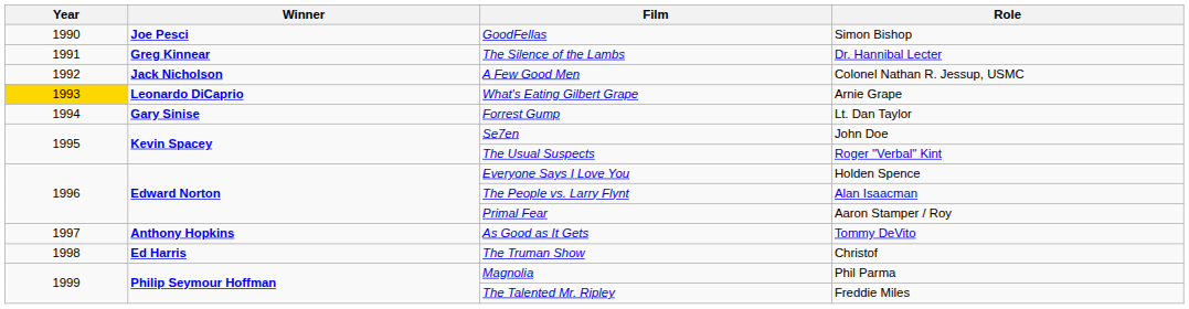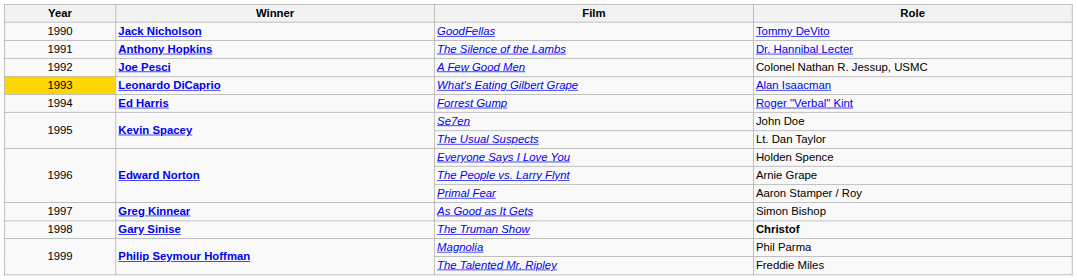 <table class="wikitable" width="95%" cellpadding="5">
 <tr>
 <th width="100"><strong>Year</strong></th>
 <th width="300"><strong>Winner</strong></th>
 <th width="300"><strong>Film</strong></th>
 <th width="300"><strong>Role</strong></th>
 </tr>
 <tr>
 <td style="text-align:center;">1990</td>
-<td><strong><a href='#'>Joe Pesci</a></strong></td>
+<td><strong><a href='#'>Jack Nicholson</a></strong></td>
 <td><em><a href='#'>GoodFellas</a></em></td>
-<td>Simon Bishop</td>
+<td><a href='#'>Tommy DeVito</a></td>
 </tr>
 <tr>
 <td style="text-align:center;">1991</td>
-<td><strong><a href='#'>Greg Kinnear</a></strong></td>
+<td><strong><a href='#'>Anthony Hopkins</a></strong></td>
 <td><em><a href='#'>The Silence of the Lambs</a></em></td>
 <td><a href='#'>Dr. Hannibal Lecter</a></td>
 </tr>
 <tr>
 <td style="text-align:center;">1992</td>
-<td><strong><a href='#'>Jack Nicholson</a></strong></td>
+<td><strong><a href='#'>Joe Pesci</a></strong></td>
 <td><em><a href='#'>A Few Good Men</a></em></td>
 <td>Colonel Nathan R. Jessup, USMC</td>
 </tr>
 <tr>
 <td style="background: gold; text-align:center;">1993</td>
 <td><strong><a href='#'>Leonardo DiCaprio</a></strong></td>
 <td><em><a href='#'>What's Eating Gilbert Grape</a></em></td>
-<td>Arnie Grape</td>
+<td><a href='#'>Alan Isaacman</a></td>
 </tr>
 <tr>
 <td style="text-align:center;">1994</td>
-<td><strong><a href='#'>Gary Sinise</a></strong></td>
+<td><strong><a href='#'>Ed Harris</a></strong></td>
 <td><em><a href='#'>Forrest Gump</a></em></td>
-<td>Lt. Dan Taylor</td>
+<td><a href='#'>Roger "Verbal" Kint</a></td>
 </tr>
 <tr>
 <td rowspan="2" style="text-align:center;">1995</td>
 <td rowspan="2"><strong><a href='#'>Kevin Spacey</a></strong></td>
 <td><em><a href='#'>Se7en</a></em></td>
 <td>John Doe</td>
 </tr>
 <tr>
 <td><em><a href='#'>The Usual Suspects</a></em></td>
-<td><a href='#'>Roger "Verbal" Kint</a></td>
+<td>Lt. Dan Taylor</td>
 </tr>
 <tr>
 <td rowspan="3" style="text-align:center;">1996</td>
 <td rowspan="3"><strong><a href='#'>Edward Norton</a></strong></td>
 <td><em><a href='#'>Everyone Says I Love You</a></em></td>
 <td>Holden Spence</td>
 </tr>
 <tr>
 <td><em><a href='#'>The People vs. Larry Flynt</a></em></td>
-<td><a href='#'>Alan Isaacman</a></td>
+<td>Arnie Grape</td>
 </tr>
 <tr>
 <td><em><a href='#'>Primal Fear</a></em></td>
 <td>Aaron Stamper / Roy</td>
 </tr>
 <tr>
 <td style="text-align:center;">1997</td>
-<td><strong><a href='#'>Anthony Hopkins</a></strong></td>
+<td><strong><a href='#'>Greg Kinnear</a></strong></td>
 <td><em><a href='#'>As Good as It Gets</a></em></td>
-<td><a href='#'>Tommy DeVito</a></td>
+<td>Simon Bishop</td>
 </tr>
 <tr>
 <td style="text-align:center;">1998</td>
-<td><strong><a href='#'>Ed Harris</a></strong></td>
+<td><strong><a href='#'>Gary Sinise</a></strong></td>
 <td><em><a href='#'>The Truman Show</a></em></td>
-<td>Christof</td>
+<td><strong>Christof</strong></td>
 </tr>
 <tr>
 <td rowspan="2" style="text-align:center;">1999</td>
 <td rowspan="2"><strong><a href='#'>Philip Seymour Hoffman</a></strong></td>
 <td><em><a href='#'>Magnolia</a></em></td>
 <td>Phil Parma</td>
 </tr>
 <tr>
 <td><em><a href='#'>The Talented Mr. Ripley</a></em></td>
 <td>Freddie Miles</td>
 </tr>
 </table>
